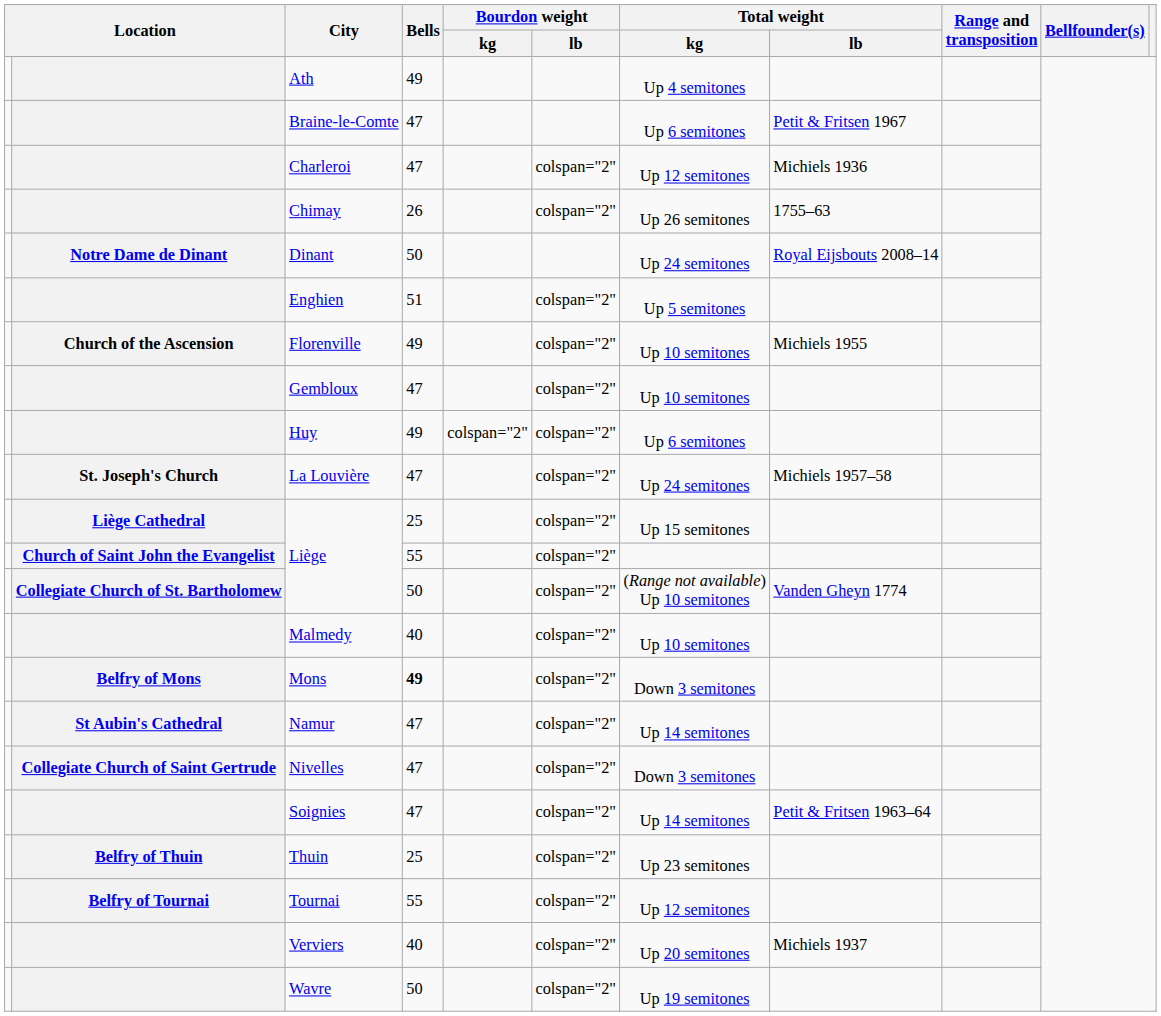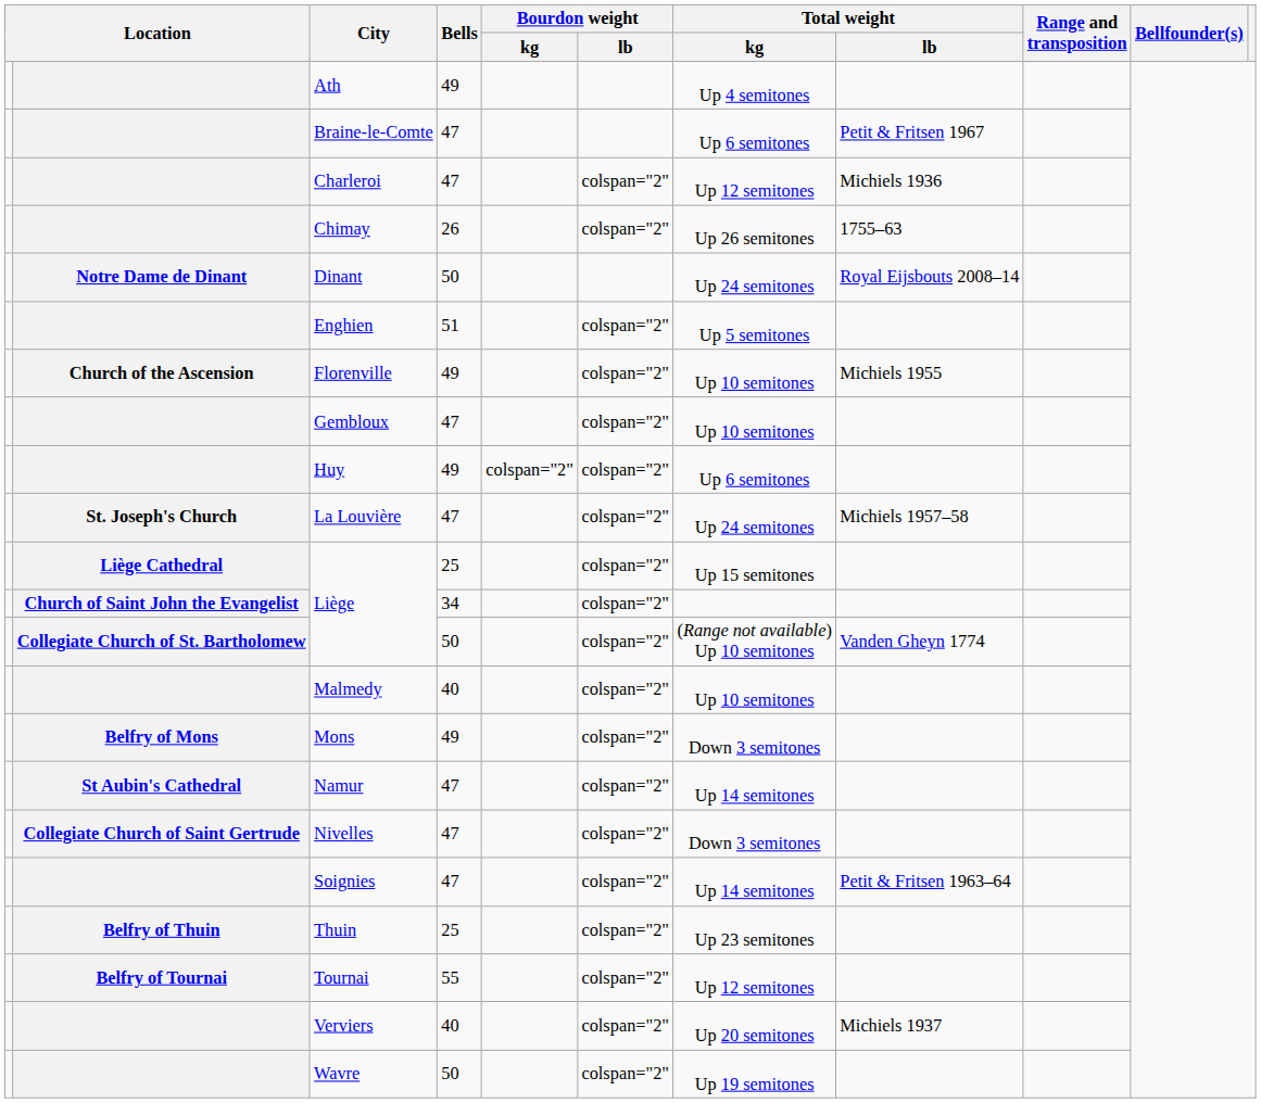 <table class="wikitable sortable plainrowheaders">
 <tr>
 <th scope="col" colspan="2" rowspan="2" class="unsortable">Location</th>
 <th scope="col" rowspan="2">City</th>
 <th scope="col" rowspan="2">Bells</th>
 <th scope="col" colspan="2"><a href='#'>Bourdon</a> weight</th>
 <th scope="col" colspan="2">Total weight</th>
 <th scope="col" rowspan="2" class="unsortable"><a href='#'>Range</a> and<br><a href='#'>transposition</a></th>
 <th scope="col" rowspan="2" class="unsortable"><a href='#'>Bellfounder(s)</a></th>
 <th scope="col" rowspan="2" class="unsortable"></th>
 </tr>
 <tr>
 <th scope="col">kg</th>
 <th scope="col">lb</th>
 <th scope="col">kg</th>
 <th scope="col">lb</th>
 </tr>
 <tr>
 <td></td>
 <th scope="row"></th>
 <td><a href='#'>Ath</a></td>
 <td>49</td>
 <td></td>
 <td></td>
 <td style="text-align: center;"><br>Up <a href='#'>4 semitones</a></td>
 <td></td>
 <td></td>
 </tr>
 <tr>
 <td></td>
 <th scope="row"></th>
 <td><a href='#'>Braine-le-Comte</a></td>
 <td>47</td>
 <td></td>
 <td></td>
 <td style="text-align: center;"><br>Up <a href='#'>6 semitones</a></td>
 <td><a href='#'>Petit & Fritsen</a> 1967</td>
 <td></td>
 </tr>
 <tr>
 <td></td>
 <th scope="row"></th>
 <td><a href='#'>Charleroi</a></td>
 <td>47</td>
 <td></td>
 <td>colspan="2" </td>
 <td style="text-align: center;"><br>Up <a href='#'>12 semitones</a></td>
 <td>Michiels 1936</td>
 <td></td>
 </tr>
 <tr>
 <td></td>
 <th scope="row"></th>
 <td><a href='#'>Chimay</a></td>
 <td>26</td>
 <td></td>
 <td>colspan="2" </td>
 <td style="text-align: center;"><br>Up 26 semitones</td>
 <td> 1755–63</td>
 <td></td>
 </tr>
 <tr>
 <td></td>
 <th scope="row"><a href='#'>Notre Dame de Dinant</a></th>
 <td><a href='#'>Dinant</a></td>
 <td>50</td>
 <td></td>
 <td></td>
 <td style="text-align: center;"><br>Up <a href='#'>24 semitones</a></td>
 <td><a href='#'>Royal Eijsbouts</a> 2008–14</td>
 <td></td>
 </tr>
 <tr>
 <td></td>
 <th scope="row"></th>
 <td><a href='#'>Enghien</a></td>
 <td>51</td>
 <td></td>
 <td>colspan="2" </td>
 <td style="text-align: center;"><br>Up <a href='#'>5 semitones</a></td>
 <td></td>
 <td></td>
 </tr>
 <tr>
 <td></td>
 <th scope="row">Church of the Ascension</th>
 <td><a href='#'>Florenville</a></td>
 <td>49</td>
 <td></td>
 <td>colspan="2" </td>
 <td style="text-align: center;"><br>Up <a href='#'>10 semitones</a></td>
 <td>Michiels 1955</td>
 <td></td>
 </tr>
 <tr>
 <td></td>
 <th scope="row"></th>
 <td><a href='#'>Gembloux</a></td>
 <td>47</td>
 <td></td>
 <td>colspan="2" </td>
 <td style="text-align: center;"><br>Up <a href='#'>10 semitones</a></td>
 <td></td>
 <td></td>
 </tr>
 <tr>
 <td></td>
 <th scope="row"></th>
 <td><a href='#'>Huy</a></td>
 <td>49</td>
 <td>colspan="2" </td>
 <td>colspan="2" </td>
 <td style="text-align: center;"><br>Up <a href='#'>6 semitones</a></td>
 <td></td>
 <td></td>
 </tr>
 <tr>
 <td></td>
 <th scope="row">St. Joseph's Church</th>
 <td><a href='#'>La Louvière</a></td>
 <td>47</td>
 <td></td>
 <td>colspan="2" </td>
 <td style="text-align: center;"><br>Up <a href='#'>24 semitones</a></td>
 <td>Michiels 1957–58</td>
 <td></td>
 </tr>
 <tr>
 <td></td>
 <th scope="row"><a href='#'>Liège Cathedral</a></th>
 <td rowspan="3"><a href='#'>Liège</a></td>
 <td>25</td>
 <td></td>
 <td>colspan="2" </td>
 <td style="text-align: center;"><br>Up 15 semitones</td>
 <td></td>
 <td></td>
 </tr>
 <tr>
 <td></td>
 <th scope="row"><a href='#'>Church of Saint John the Evangelist</a></th>
-<td>55</td>
+<td>34</td>
 <td></td>
 <td>colspan="2" </td>
 <td></td>
 <td></td>
 <td></td>
 </tr>
 <tr>
 <td></td>
 <th scope="row"><a href='#'>Collegiate Church of St. Bartholomew</a></th>
 <td>50</td>
 <td></td>
 <td>colspan="2" </td>
 <td style="text-align: center;">(<em>Range not available</em>)<br>Up <a href='#'>10 semitones</a></td>
 <td><a href='#'>Vanden Gheyn</a> 1774</td>
 <td></td>
 </tr>
 <tr>
 <td></td>
 <th scope="row"></th>
 <td><a href='#'>Malmedy</a></td>
 <td>40</td>
 <td></td>
 <td>colspan="2" </td>
 <td style="text-align: center;"><br>Up <a href='#'>10 semitones</a></td>
 <td></td>
 <td></td>
 </tr>
 <tr>
 <td></td>
 <th scope="row"><a href='#'>Belfry of Mons</a></th>
 <td><a href='#'>Mons</a></td>
-<td><strong>49</strong></td>
+<td>49</td>
 <td></td>
 <td>colspan="2" </td>
 <td style="text-align: center;"><br>Down <a href='#'>3 semitones</a></td>
 <td></td>
 <td></td>
 </tr>
 <tr>
 <td></td>
 <th scope="row"><a href='#'>St Aubin's Cathedral</a></th>
 <td><a href='#'>Namur</a></td>
 <td>47</td>
 <td></td>
 <td>colspan="2" </td>
 <td style="text-align: center;"><br>Up <a href='#'>14 semitones</a></td>
 <td></td>
 <td></td>
 </tr>
 <tr>
 <td></td>
 <th scope="row"><a href='#'>Collegiate Church of Saint Gertrude</a></th>
 <td><a href='#'>Nivelles</a></td>
 <td>47</td>
 <td></td>
 <td>colspan="2" </td>
 <td style="text-align: center;"><br>Down <a href='#'>3 semitones</a></td>
 <td></td>
 <td></td>
 </tr>
 <tr>
 <td></td>
 <th scope="row"></th>
 <td><a href='#'>Soignies</a></td>
 <td>47</td>
 <td></td>
 <td>colspan="2" </td>
 <td style="text-align: center;"><br>Up <a href='#'>14 semitones</a></td>
 <td><a href='#'>Petit & Fritsen</a> 1963–64</td>
 <td></td>
 </tr>
 <tr>
 <td></td>
 <th scope="row"><a href='#'>Belfry of Thuin</a></th>
 <td><a href='#'>Thuin</a></td>
 <td>25</td>
 <td></td>
 <td>colspan="2" </td>
 <td style="text-align: center;"><br>Up 23 semitones</td>
 <td></td>
 <td></td>
 </tr>
 <tr>
 <td></td>
 <th scope="row"><a href='#'>Belfry of Tournai</a></th>
 <td><a href='#'>Tournai</a></td>
 <td>55</td>
 <td></td>
 <td>colspan="2" </td>
 <td style="text-align: center;"><br>Up <a href='#'>12 semitones</a></td>
 <td></td>
 <td></td>
 </tr>
 <tr>
 <td></td>
 <th scope="row"></th>
 <td><a href='#'>Verviers</a></td>
 <td>40</td>
 <td></td>
 <td>colspan="2" </td>
 <td style="text-align: center;"><br>Up <a href='#'>20 semitones</a></td>
 <td>Michiels 1937</td>
 <td></td>
 </tr>
 <tr>
 <td></td>
 <th scope="row"></th>
 <td><a href='#'>Wavre</a></td>
 <td>50</td>
 <td></td>
 <td>colspan="2" </td>
 <td style="text-align: center;"><br>Up <a href='#'>19 semitones</a></td>
 <td></td>
 <td></td>
 </tr>
 </table>
